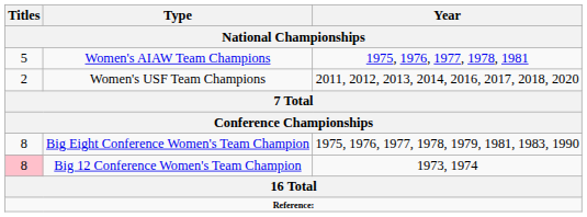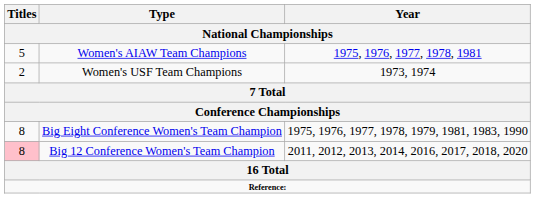 <table class="wikitable" style="text-align:center">
 <tr>
 <th>Titles</th>
 <th>Type</th>
 <th>Year</th>
 </tr>
 <tr>
 <th colspan=3>National Championships</th>
 </tr>
 <tr>
 <td>5</td>
 <td><a href='#'>Women's AIAW Team Champions</a></td>
 <td><a href='#'>1975</a>, <a href='#'>1976</a>, <a href='#'>1977</a>, <a href='#'>1978</a>, <a href='#'>1981</a></td>
 </tr>
 <tr>
 <td>2</td>
 <td>Women's USF Team Champions</td>
-<td>2011, 2012, 2013, 2014, 2016, 2017, 2018, 2020</td>
+<td>1973, 1974</td>
 </tr>
 <tr>
 <th colspan=3>7 Total</th>
 </tr>
 <tr>
 <th colspan=3>Conference Championships</th>
 </tr>
 <tr>
 <td>8</td>
 <td><a href='#'>Big Eight Conference Women's Team Champion</a></td>
 <td>1975, 1976, 1977, 1978, 1979, 1981, 1983, 1990</td>
 </tr>
 <tr>
 <td style="background: pink;">8</td>
 <td><a href='#'>Big 12 Conference Women's Team Champion</a></td>
-<td>1973, 1974</td>
+<td>2011, 2012, 2013, 2014, 2016, 2017, 2018, 2020</td>
 </tr>
 <tr>
 <th colspan=3>16 Total</th>
 </tr>
 <tr>
 <td colspan="3"  style="font-size:8pt; text-align:center;"><strong>Reference:</strong></td>
 </tr>
 </table>
